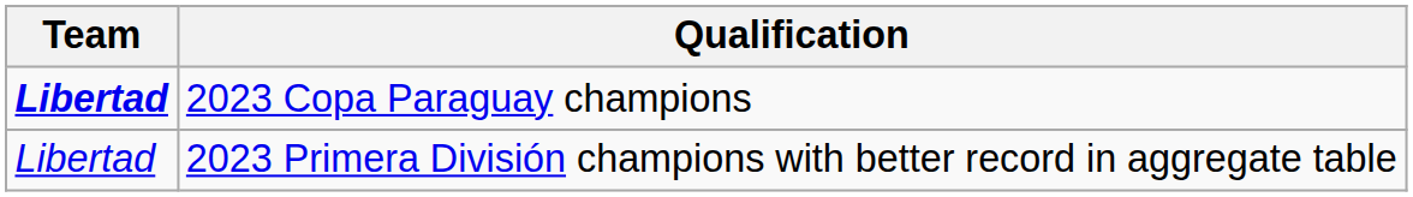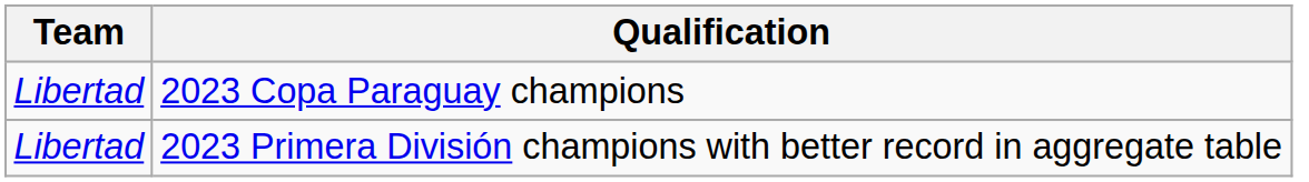 <table class="wikitable">
 <tr>
 <th>Team</th>
 <th>Qualification</th>
 </tr>
 <tr>
-<td><strong><em><a href='#'>Libertad</a></em></strong></td>
+<td><em><a href='#'>Libertad</a></em></td>
 <td><a href='#'>2023 Copa Paraguay</a> champions</td>
 </tr>
 <tr>
 <td><em><a href='#'>Libertad</a></em></td>
 <td><a href='#'>2023 Primera División</a> champions with better record in aggregate table</td>
 </tr>
 </table>
